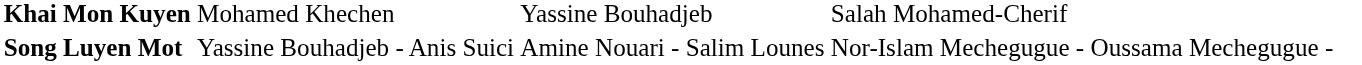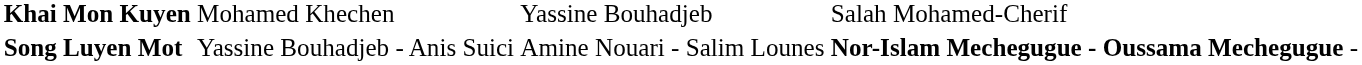 <table>
 <tr align="left">
 <th>Khai Mon Kuyen</th>
 <td> Mohamed Khechen</td>
 <td> Yassine Bouhadjeb</td>
 <td> Salah Mohamed-Cherif</td>
 </tr>
 <tr align="left">
 <th>Song Luyen Mot</th>
 <td> Yassine Bouhadjeb - Anis Suici</td>
 <td> Amine Nouari - Salim Lounes</td>
-<td> Nor-Islam Mechegugue - Oussama Mechegugue</td>
+<td><strong> Nor-Islam Mechegugue - Oussama Mechegugue</strong></td>
 <td>-</td>
 </tr>
 </table>
